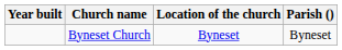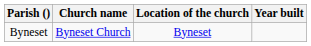 <table class="wikitable" style="text-align:center">
 <tr>
-<th>Year built</th>
+<th>Parish ()</th>
 <th>Church name</th>
 <th>Location of the church</th>
-<th>Parish ()</th>
+<th>Year built</th>
 </tr>
 <tr>
-<td></td>
+<td rowspan="1">Byneset</td>
 <td><a href='#'>Byneset Church</a></td>
 <td><a href='#'>Byneset</a></td>
-<td rowspan="1">Byneset</td>
+<td></td>
 </tr>
 </table>
